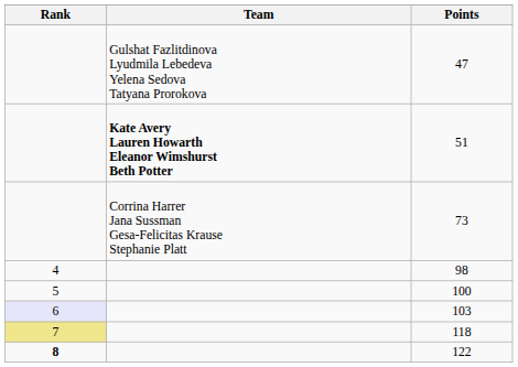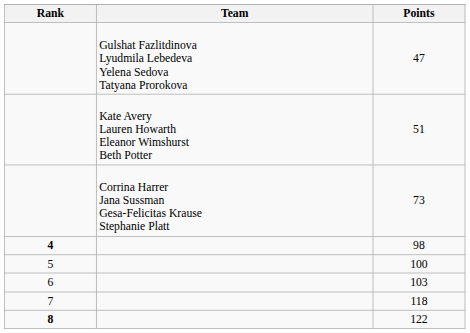 <table class="wikitable" width=50%>
 <tr>
 </tr>
 <tr>
 <th width=10%>Rank</th>
 <th width=30%>Team</th>
 <th width=10%>Points</th>
 </tr>
 <tr align="center">
 <td></td>
 <td align="left"><br>Gulshat Fazlitdinova<br>Lyudmila Lebedeva<br>Yelena Sedova<br>Tatyana Prorokova</td>
 <td>47</td>
 </tr>
 <tr align="center">
 <td></td>
-<td align="left"><strong><br>Kate Avery<br>Lauren Howarth<br>Eleanor Wimshurst<br>Beth Potter</strong></td>
+<td align="left"><br>Kate Avery<br>Lauren Howarth<br>Eleanor Wimshurst<br>Beth Potter</td>
 <td>51</td>
 </tr>
 <tr align="center">
 <td></td>
 <td align="left"><br>Corrina Harrer<br>Jana Sussman<br>Gesa-Felicitas Krause<br>Stephanie Platt</td>
 <td>73</td>
 </tr>
 <tr align="center">
-<td>4</td>
+<td><strong>4</strong></td>
 <td align="left"></td>
 <td>98</td>
 </tr>
 <tr align="center">
 <td>5</td>
 <td align="left"></td>
 <td>100</td>
 </tr>
 <tr align="center">
-<td style="background: lavender;">6</td>
+<td>6</td>
 <td align="left"></td>
 <td>103</td>
 </tr>
 <tr align="center">
-<td style="background: khaki;">7</td>
+<td>7</td>
 <td align="left"></td>
 <td>118</td>
 </tr>
 <tr align="center">
 <td><strong>8</strong></td>
 <td align="left"></td>
 <td>122</td>
 </tr>
 </table>
